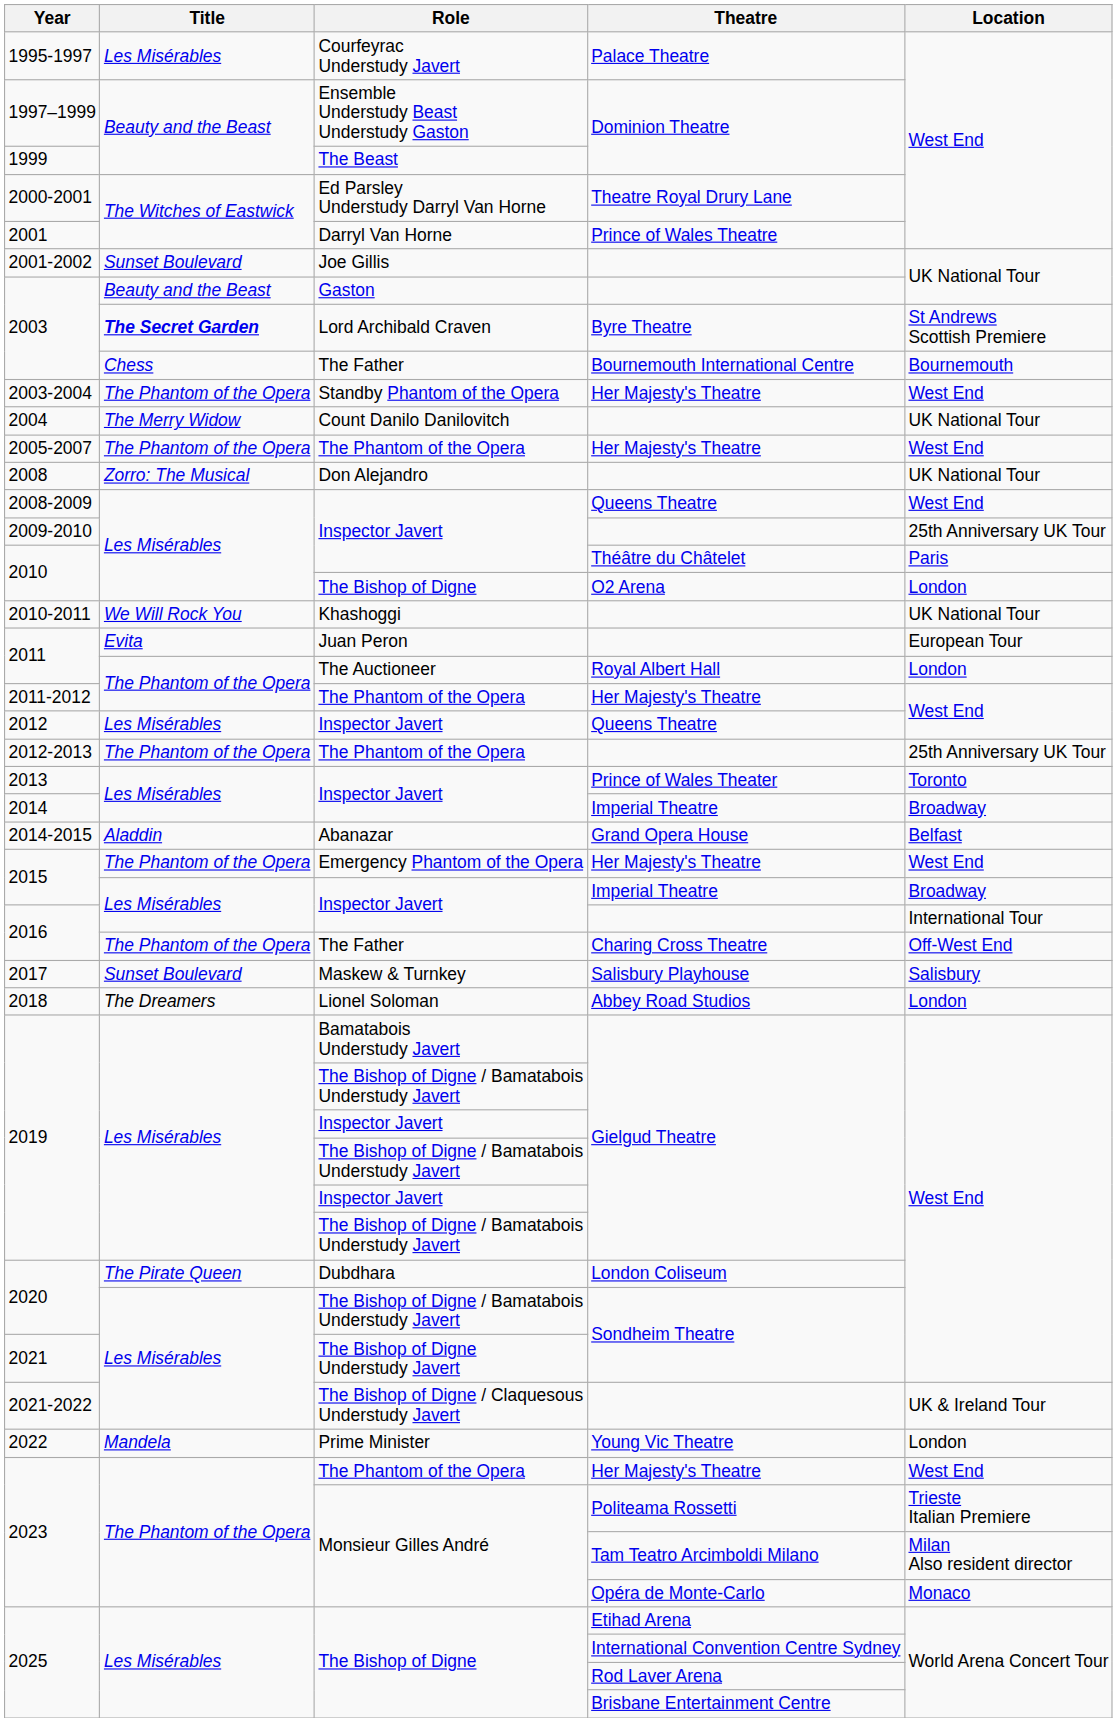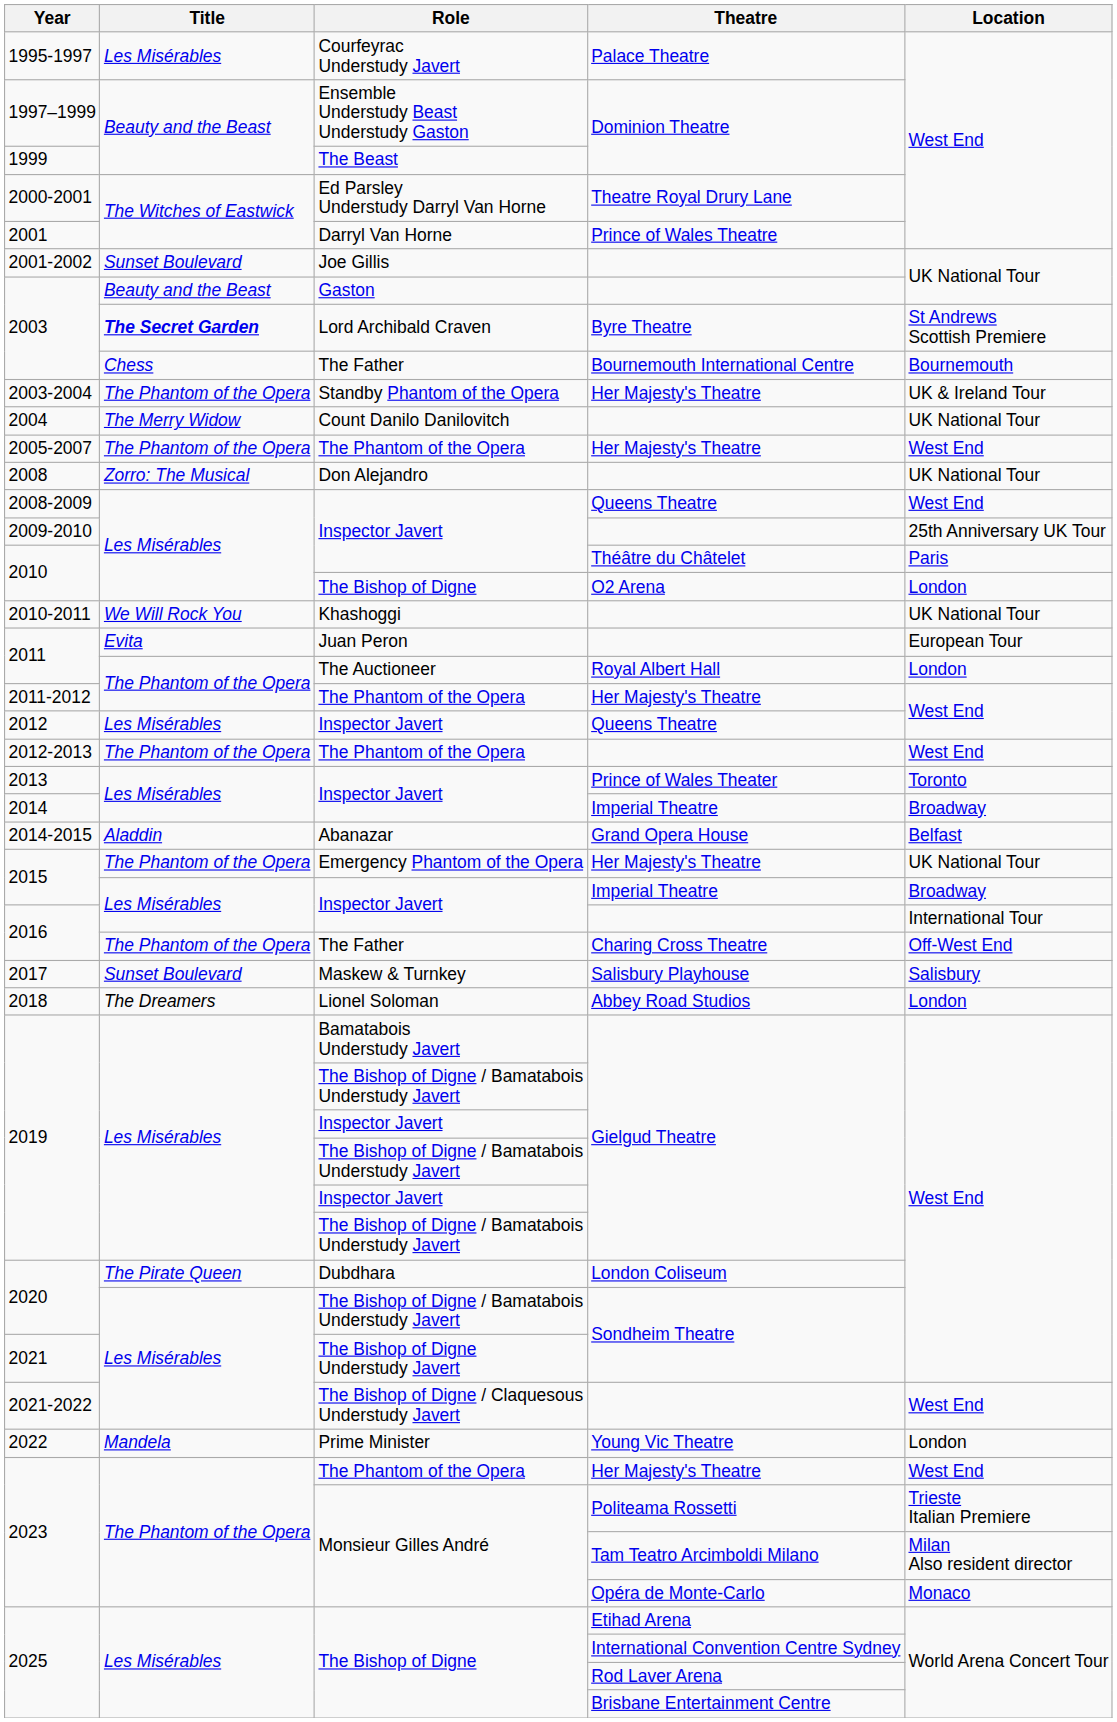 <table class="wikitable">
 <tr>
 <th>Year</th>
 <th>Title</th>
 <th>Role</th>
 <th>Theatre</th>
 <th>Location</th>
 </tr>
 <tr>
 <td>1995-1997</td>
 <td><em><a href='#'>Les Misérables</a></em></td>
 <td>Courfeyrac<br>Understudy <a href='#'>Javert</a></td>
 <td><a href='#'>Palace Theatre</a></td>
 <td rowspan=5><a href='#'>West End</a></td>
 </tr>
 <tr>
 <td>1997–1999</td>
 <td rowspan="2"><em><a href='#'>Beauty and the Beast</a></em></td>
 <td>Ensemble<br>Understudy <a href='#'>Beast</a><br>Understudy <a href='#'>Gaston</a></td>
 <td rowspan="2"><a href='#'>Dominion Theatre</a></td>
 </tr>
 <tr>
 <td>1999</td>
 <td><a href='#'>The Beast</a></td>
 </tr>
 <tr>
 <td>2000-2001</td>
 <td rowspan="2"><em><a href='#'>The Witches of Eastwick</a></em></td>
 <td>Ed Parsley<br>Understudy Darryl Van Horne</td>
 <td><a href='#'>Theatre Royal Drury Lane</a></td>
 </tr>
 <tr>
 <td>2001</td>
 <td>Darryl Van Horne</td>
 <td><a href='#'>Prince of Wales Theatre</a></td>
 </tr>
 <tr>
 <td>2001-2002</td>
 <td><em><a href='#'>Sunset Boulevard</a></em></td>
 <td>Joe Gillis</td>
 <td></td>
 <td rowspan=2>UK National Tour</td>
 </tr>
 <tr>
 <td rowspan=3>2003</td>
 <td><em><a href='#'>Beauty and the Beast</a></em></td>
 <td><a href='#'>Gaston</a></td>
 <td></td>
 </tr>
 <tr>
 <td><strong><em><a href='#'>The Secret Garden</a></em></strong></td>
 <td>Lord Archibald Craven</td>
 <td><a href='#'>Byre Theatre</a></td>
 <td><a href='#'>St Andrews</a><br>Scottish Premiere</td>
 </tr>
 <tr>
 <td><em><a href='#'>Chess</a></em></td>
 <td>The Father</td>
 <td><a href='#'>Bournemouth International Centre</a></td>
 <td><a href='#'>Bournemouth</a></td>
 </tr>
 <tr>
 <td>2003-2004</td>
 <td><em><a href='#'>The Phantom of the Opera</a></em></td>
 <td>Standby <a href='#'>Phantom of the Opera</a></td>
 <td><a href='#'>Her Majesty's Theatre</a></td>
-<td><a href='#'>West End</a></td>
+<td>UK & Ireland Tour</td>
 </tr>
 <tr>
 <td>2004</td>
 <td><em><a href='#'>The Merry Widow</a></em></td>
 <td>Count Danilo Danilovitch</td>
 <td></td>
 <td>UK National Tour</td>
 </tr>
 <tr>
 <td>2005-2007</td>
 <td><em><a href='#'>The Phantom of the Opera</a></em></td>
 <td><a href='#'>The Phantom of the Opera</a></td>
 <td><a href='#'>Her Majesty's Theatre</a></td>
 <td><a href='#'>West End</a></td>
 </tr>
 <tr>
 <td>2008</td>
 <td><em><a href='#'>Zorro: The Musical</a></em></td>
 <td>Don Alejandro</td>
 <td></td>
 <td>UK National Tour</td>
 </tr>
 <tr>
 <td>2008-2009</td>
 <td rowspan="4"><em><a href='#'>Les Misérables</a></em></td>
 <td rowspan="3"><a href='#'>Inspector Javert</a></td>
 <td><a href='#'>Queens Theatre</a></td>
 <td><a href='#'>West End</a></td>
 </tr>
 <tr>
 <td>2009-2010</td>
 <td></td>
 <td>25th Anniversary UK Tour</td>
 </tr>
 <tr>
 <td rowspan=2>2010</td>
 <td><a href='#'>Théâtre du Châtelet</a></td>
 <td><a href='#'>Paris</a></td>
 </tr>
 <tr>
 <td><a href='#'>The Bishop of Digne</a></td>
 <td><a href='#'>O2 Arena</a></td>
 <td><a href='#'>London</a></td>
 </tr>
 <tr>
 <td>2010-2011</td>
 <td><em><a href='#'>We Will Rock You</a></em></td>
 <td>Khashoggi</td>
 <td></td>
 <td>UK National Tour</td>
 </tr>
 <tr>
 <td rowspan=2>2011</td>
 <td><em><a href='#'>Evita</a></em></td>
 <td>Juan Peron</td>
 <td></td>
 <td>European Tour</td>
 </tr>
 <tr>
 <td rowspan="2"><em><a href='#'>The Phantom of the Opera</a></em></td>
 <td>The Auctioneer</td>
 <td><a href='#'>Royal Albert Hall</a></td>
 <td><a href='#'>London</a></td>
 </tr>
 <tr>
 <td>2011-2012</td>
 <td><a href='#'>The Phantom of the Opera</a></td>
 <td><a href='#'>Her Majesty's Theatre</a></td>
 <td rowspan=2><a href='#'>West End</a></td>
 </tr>
 <tr>
 <td>2012</td>
 <td><em><a href='#'>Les Misérables</a></em></td>
 <td><a href='#'>Inspector Javert</a></td>
 <td><a href='#'>Queens Theatre</a></td>
 </tr>
 <tr>
 <td>2012-2013</td>
 <td><em><a href='#'>The Phantom of the Opera</a></em></td>
 <td><a href='#'>The Phantom of the Opera</a></td>
 <td></td>
-<td>25th Anniversary UK Tour</td>
+<td><a href='#'>West End</a></td>
 </tr>
 <tr>
 <td>2013</td>
 <td rowspan=2><em><a href='#'>Les Misérables</a></em></td>
 <td rowspan=2><a href='#'>Inspector Javert</a></td>
 <td><a href='#'>Prince of Wales Theater</a></td>
 <td><a href='#'>Toronto</a></td>
 </tr>
 <tr>
 <td>2014</td>
 <td><a href='#'>Imperial Theatre</a></td>
 <td><a href='#'>Broadway</a></td>
 </tr>
 <tr>
 <td>2014-2015</td>
 <td><em><a href='#'>Aladdin</a></em></td>
 <td>Abanazar</td>
 <td><a href='#'>Grand Opera House</a></td>
 <td><a href='#'>Belfast</a></td>
 </tr>
 <tr>
 <td rowspan=2>2015</td>
 <td><em><a href='#'>The Phantom of the Opera</a></em></td>
 <td>Emergency <a href='#'>Phantom of the Opera</a></td>
 <td><a href='#'>Her Majesty's Theatre</a></td>
-<td><a href='#'>West End</a></td>
+<td>UK National Tour</td>
 </tr>
 <tr>
 <td rowspan=2><em><a href='#'>Les Misérables</a></em></td>
 <td rowspan="2"><a href='#'>Inspector Javert</a></td>
 <td><a href='#'>Imperial Theatre</a></td>
 <td><a href='#'>Broadway</a></td>
 </tr>
 <tr>
 <td rowspan=2>2016</td>
 <td></td>
 <td>International Tour</td>
 </tr>
 <tr>
 <td><em><a href='#'>The Phantom of the Opera</a></em></td>
 <td>The Father</td>
 <td><a href='#'>Charing Cross Theatre</a></td>
 <td><a href='#'>Off-West End</a></td>
 </tr>
 <tr>
 <td>2017</td>
 <td><em><a href='#'>Sunset Boulevard</a></em></td>
 <td>Maskew & Turnkey</td>
 <td><a href='#'>Salisbury Playhouse</a></td>
 <td><a href='#'>Salisbury</a></td>
 </tr>
 <tr>
 <td>2018</td>
 <td><em>The Dreamers</em></td>
 <td>Lionel Soloman</td>
 <td><a href='#'>Abbey Road Studios</a></td>
 <td><a href='#'>London</a></td>
 </tr>
 <tr>
 <td rowspan=6>2019</td>
 <td rowspan=6><em><a href='#'>Les Misérables</a></em></td>
 <td>Bamatabois<br>Understudy <a href='#'>Javert</a></td>
 <td rowspan=6><a href='#'>Gielgud Theatre</a></td>
 <td rowspan=9><a href='#'>West End</a></td>
 </tr>
 <tr>
 <td><a href='#'>The Bishop of Digne</a> / Bamatabois<br>Understudy <a href='#'>Javert</a></td>
 </tr>
 <tr>
 <td><a href='#'>Inspector Javert</a></td>
 </tr>
 <tr>
 <td><a href='#'>The Bishop of Digne</a> / Bamatabois<br>Understudy <a href='#'>Javert</a></td>
 </tr>
 <tr>
 <td><a href='#'>Inspector Javert</a></td>
 </tr>
 <tr>
 <td><a href='#'>The Bishop of Digne</a> / Bamatabois<br>Understudy <a href='#'>Javert</a></td>
 </tr>
 <tr>
 <td rowspan=2>2020</td>
 <td><em><a href='#'>The Pirate Queen</a></em></td>
 <td>Dubdhara</td>
 <td><a href='#'>London Coliseum</a></td>
 </tr>
 <tr>
 <td rowspan=3><em><a href='#'>Les Misérables</a></em></td>
 <td><a href='#'>The Bishop of Digne</a> / Bamatabois<br>Understudy <a href='#'>Javert</a></td>
 <td rowspan=2><a href='#'>Sondheim Theatre</a></td>
 </tr>
 <tr>
 <td>2021</td>
 <td><a href='#'>The Bishop of Digne</a><br>Understudy <a href='#'>Javert</a></td>
 </tr>
 <tr>
 <td>2021-2022</td>
 <td><a href='#'>The Bishop of Digne</a> / Claquesous<br>Understudy <a href='#'>Javert</a></td>
 <td></td>
-<td>UK & Ireland Tour</td>
+<td><a href='#'>West End</a></td>
 </tr>
 <tr>
 <td>2022</td>
 <td><em><a href='#'>Mandela</a></em></td>
 <td>Prime Minister</td>
 <td><a href='#'>Young Vic Theatre</a></td>
 <td>London</td>
 </tr>
 <tr>
 <td rowspan=4>2023</td>
 <td rowspan=4><em><a href='#'>The Phantom of the Opera</a></em></td>
 <td><a href='#'>The Phantom of the Opera</a></td>
 <td><a href='#'>Her Majesty's Theatre</a></td>
 <td><a href='#'>West End</a></td>
 </tr>
 <tr>
 <td rowspan=3>Monsieur Gilles André</td>
 <td><a href='#'>Politeama Rossetti</a></td>
 <td><a href='#'>Trieste</a><br>Italian Premiere</td>
 </tr>
 <tr>
 <td><a href='#'>Tam Teatro Arcimboldi Milano</a></td>
 <td><a href='#'>Milan</a><br>Also resident director</td>
 </tr>
 <tr>
 <td><a href='#'>Opéra de Monte-Carlo</a></td>
 <td><a href='#'>Monaco</a></td>
 </tr>
 <tr>
 <td rowspan=4>2025</td>
 <td rowspan=4><em><a href='#'>Les Misérables</a></em></td>
 <td rowspan=4><a href='#'>The Bishop of Digne</a></td>
 <td><a href='#'>Etihad Arena</a></td>
 <td rowspan=4>World Arena Concert Tour</td>
 </tr>
 <tr>
 <td><a href='#'>International Convention Centre Sydney</a></td>
 </tr>
 <tr>
 <td><a href='#'>Rod Laver Arena</a></td>
 </tr>
 <tr>
 <td><a href='#'>Brisbane Entertainment Centre</a></td>
 </tr>
 </table>
